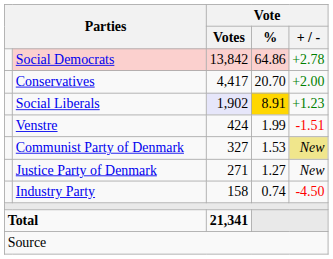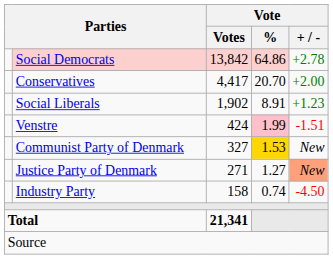 <table class="wikitable" style="text-align:right;">
 <tr>
 <th style="text-align:centre;" rowspan="2" colspan="2" width="225">Parties</th>
 <th colspan="3">Vote</th>
 </tr>
 <tr>
 <th width="15">Votes</th>
 <th width="15">%</th>
 <th width="15">+ / -</th>
 </tr>
 <tr>
 <td width="2" style="color:inherit;background:"></td>
 <td bgcolor=#fbd0ce  align="left"><a href='#'>Social Democrats</a></td>
 <td bgcolor=#fbd0ce>13,842</td>
 <td bgcolor=#fbd0ce>64.86</td>
 <td style=color:green;>+2.78</td>
 </tr>
 <tr>
 <td width="2" style="color:inherit;background:"></td>
 <td align="left"><a href='#'>Conservatives</a></td>
 <td>4,417</td>
 <td>20.70</td>
 <td style=color:green;>+2.00</td>
 </tr>
 <tr>
 <td width="2" style="color:inherit;background:"></td>
 <td align="left"><a href='#'>Social Liberals</a></td>
-<td style="background: lavender;">1,902</td>
-<td style="background: gold;">8.91</td>
+<td>1,902</td>
+<td>8.91</td>
 <td style=color:green;>+1.23</td>
 </tr>
 <tr>
 <td width="2" style="color:inherit;background:"></td>
 <td align="left"><a href='#'>Venstre</a></td>
 <td>424</td>
-<td>1.99</td>
+<td style="background: pink;">1.99</td>
 <td style=color:red;>-1.51</td>
 </tr>
 <tr>
 <td width="2" style="color:inherit;background:"></td>
 <td align="left"><a href='#'>Communist Party of Denmark</a></td>
 <td>327</td>
-<td>1.53</td>
-<td style="background: khaki;"><em>New</em></td>
+<td style="background: gold;">1.53</td>
+<td><em>New</em></td>
 </tr>
 <tr>
 <td width="2" style="color:inherit;background:"></td>
 <td align="left"><a href='#'>Justice Party of Denmark</a></td>
 <td>271</td>
 <td>1.27</td>
-<td><em>New</em></td>
+<td style="background: lightsalmon;"><em>New</em></td>
 </tr>
 <tr>
 <td width="2" style="color:inherit;background:"></td>
 <td align="left"><a href='#'>Industry Party</a></td>
 <td>158</td>
 <td>0.74</td>
 <td style=color:red;>-4.50</td>
 </tr>
 <tr>
 <td colspan="7" bgcolor="#E9E9E9"></td>
 </tr>
 <tr>
 <td align="left" colspan="2"><strong>Total</strong></td>
 <td><strong>21,341</strong></td>
 <td bgcolor="#E9E9E9" colspan="2"></td>
 </tr>
 <tr>
 <td align="left" colspan="6">Source</td>
 </tr>
 </table>
